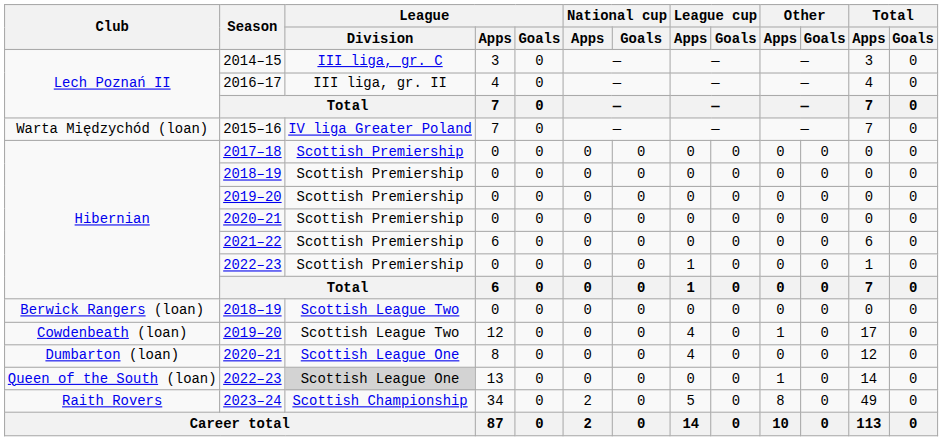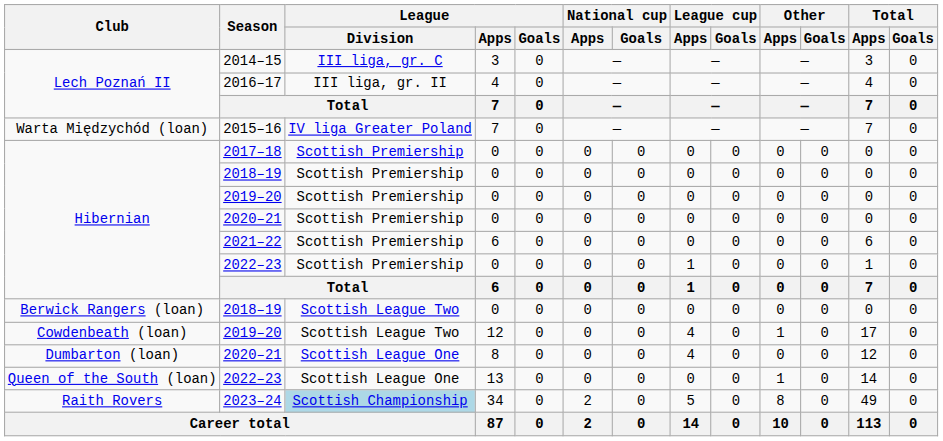 <table class="wikitable" style="text-align:center">
 <tr>
 <th rowspan="2">Club</th>
 <th rowspan="2">Season</th>
 <th colspan="3">League</th>
 <th colspan="2">National cup</th>
 <th colspan="2">League cup</th>
 <th colspan="2">Other</th>
 <th colspan="2">Total</th>
 </tr>
 <tr>
 <th>Division</th>
 <th>Apps</th>
 <th>Goals</th>
 <th>Apps</th>
 <th>Goals</th>
 <th>Apps</th>
 <th>Goals</th>
 <th>Apps</th>
 <th>Goals</th>
 <th>Apps</th>
 <th>Goals</th>
 </tr>
 <tr>
 <td rowspan="3"><a href='#'>Lech Poznań II</a></td>
 <td>2014–15</td>
 <td><a href='#'>III liga, gr. C</a></td>
 <td>3</td>
 <td>0</td>
 <td colspan="2">—</td>
 <td colspan="2">—</td>
 <td colspan="2">—</td>
 <td>3</td>
 <td>0</td>
 </tr>
 <tr>
 <td>2016–17</td>
 <td>III liga, gr. II</td>
 <td>4</td>
 <td>0</td>
 <td colspan="2">—</td>
 <td colspan="2">—</td>
 <td colspan="2">—</td>
 <td>4</td>
 <td>0</td>
 </tr>
 <tr>
 <th colspan="2">Total</th>
 <th>7</th>
 <th>0</th>
 <th colspan="2">—</th>
 <th colspan="2">—</th>
 <th colspan="2">—</th>
 <th>7</th>
 <th>0</th>
 </tr>
 <tr>
 <td>Warta Międzychód (loan)</td>
 <td>2015–16  </td>
 <td><a href='#'>IV liga Greater Poland</a></td>
 <td>7</td>
 <td>0</td>
 <td colspan="2">—</td>
 <td colspan="2">—</td>
 <td colspan="2">—</td>
 <td>7</td>
 <td>0</td>
 </tr>
 <tr>
 <td rowspan="7"><a href='#'>Hibernian</a></td>
 <td><a href='#'>2017–18</a></td>
 <td><a href='#'>Scottish Premiership</a></td>
 <td>0</td>
 <td>0</td>
 <td>0</td>
 <td>0</td>
 <td>0</td>
 <td>0</td>
 <td>0</td>
 <td>0</td>
 <td>0</td>
 <td>0</td>
 </tr>
 <tr>
 <td><a href='#'>2018–19</a></td>
 <td>Scottish Premiership</td>
 <td>0</td>
 <td>0</td>
 <td>0</td>
 <td>0</td>
 <td>0</td>
 <td>0</td>
 <td>0</td>
 <td>0</td>
 <td>0</td>
 <td>0</td>
 </tr>
 <tr>
 <td><a href='#'>2019–20</a></td>
 <td>Scottish Premiership</td>
 <td>0</td>
 <td>0</td>
 <td>0</td>
 <td>0</td>
 <td>0</td>
 <td>0</td>
 <td>0</td>
 <td>0</td>
 <td>0</td>
 <td>0</td>
 </tr>
 <tr>
 <td><a href='#'>2020–21</a></td>
 <td>Scottish Premiership</td>
 <td>0</td>
 <td>0</td>
 <td>0</td>
 <td>0</td>
 <td>0</td>
 <td>0</td>
 <td>0</td>
 <td>0</td>
 <td>0</td>
 <td>0</td>
 </tr>
 <tr>
 <td><a href='#'>2021–22</a></td>
 <td>Scottish Premiership</td>
 <td>6</td>
 <td>0</td>
 <td>0</td>
 <td>0</td>
 <td>0</td>
 <td>0</td>
 <td>0</td>
 <td>0</td>
 <td>6</td>
 <td>0</td>
 </tr>
 <tr>
 <td><a href='#'>2022–23</a></td>
 <td>Scottish Premiership</td>
 <td>0</td>
 <td>0</td>
 <td>0</td>
 <td>0</td>
 <td>1</td>
 <td>0</td>
 <td>0</td>
 <td>0</td>
 <td>1</td>
 <td>0</td>
 </tr>
 <tr>
 <th colspan="2">Total</th>
 <th>6</th>
 <th>0</th>
 <th>0</th>
 <th>0</th>
 <th>1</th>
 <th>0</th>
 <th>0</th>
 <th>0</th>
 <th>7</th>
 <th>0</th>
 </tr>
 <tr>
 <td><a href='#'>Berwick Rangers</a> (loan)</td>
 <td><a href='#'>2018–19</a></td>
 <td><a href='#'>Scottish League Two</a></td>
 <td>0</td>
 <td>0</td>
 <td>0</td>
 <td>0</td>
 <td>0</td>
 <td>0</td>
 <td>0</td>
 <td>0</td>
 <td>0</td>
 <td>0</td>
 </tr>
 <tr>
 <td><a href='#'>Cowdenbeath</a> (loan)</td>
 <td><a href='#'>2019–20</a></td>
 <td>Scottish League Two</td>
 <td>12</td>
 <td>0</td>
 <td>0</td>
 <td>0</td>
 <td>4</td>
 <td>0</td>
 <td>1</td>
 <td>0</td>
 <td>17</td>
 <td>0</td>
 </tr>
 <tr>
 <td><a href='#'>Dumbarton</a> (loan)</td>
 <td><a href='#'>2020–21</a></td>
 <td><a href='#'>Scottish League One</a></td>
 <td>8</td>
 <td>0</td>
 <td>0</td>
 <td>0</td>
 <td>4</td>
 <td>0</td>
 <td>0</td>
 <td>0</td>
 <td>12</td>
 <td>0</td>
 </tr>
 <tr>
 <td><a href='#'>Queen of the South</a> (loan)</td>
 <td><a href='#'>2022–23</a></td>
-<td style="background: lightgrey;">Scottish League One</td>
+<td>Scottish League One</td>
 <td>13</td>
 <td>0</td>
 <td>0</td>
 <td>0</td>
 <td>0</td>
 <td>0</td>
 <td>1</td>
 <td>0</td>
 <td>14</td>
 <td>0</td>
 </tr>
 <tr>
 <td><a href='#'>Raith Rovers</a></td>
 <td><a href='#'>2023–24</a></td>
-<td><a href='#'>Scottish Championship</a></td>
+<td style="background: lightblue;"><a href='#'>Scottish Championship</a></td>
 <td>34</td>
 <td>0</td>
 <td>2</td>
 <td>0</td>
 <td>5</td>
 <td>0</td>
 <td>8</td>
 <td>0</td>
 <td>49</td>
 <td>0</td>
 </tr>
 <tr>
 <th colspan="3">Career total</th>
 <th>87</th>
 <th>0</th>
 <th>2</th>
 <th>0</th>
 <th>14</th>
 <th>0</th>
 <th>10</th>
 <th>0</th>
 <th>113</th>
 <th>0</th>
 </tr>
 </table>
